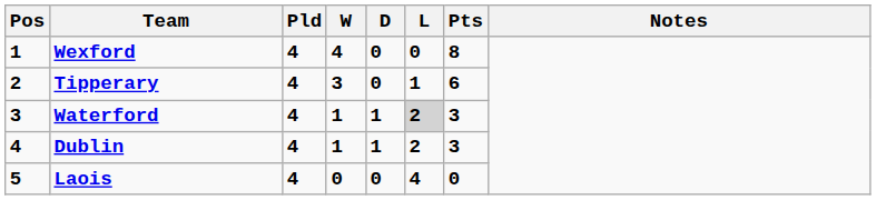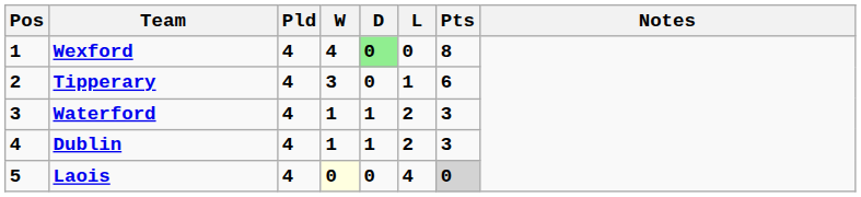 <table class="wikitable" style="text-align: centre;">
 <tr>
 <th width=20>Pos</th>
 <th width=150>Team</th>
 <th width=20>Pld</th>
 <th width=20>W</th>
 <th width=20>D</th>
 <th width=20>L</th>
 <th width=20>Pts</th>
 <th width=250>Notes</th>
 </tr>
 <tr style>
 <td><strong>1</strong></td>
 <td align=left><strong> <a href='#'>Wexford</a> </strong></td>
 <td><strong>4</strong></td>
 <td><strong>4</strong></td>
-<td><strong>0</strong></td>
+<td style="background: lightgreen;"><strong>0</strong></td>
 <td><strong>0</strong></td>
 <td><strong>8</strong></td>
 </tr>
 <tr style>
 <td><strong>2</strong></td>
 <td align=left><strong> <a href='#'>Tipperary</a> </strong></td>
 <td><strong>4</strong></td>
 <td><strong>3</strong></td>
 <td><strong>0</strong></td>
 <td><strong>1</strong></td>
 <td><strong>6</strong></td>
 </tr>
 <tr>
 <td><strong>3</strong></td>
 <td align=left><strong> <a href='#'>Waterford</a> </strong></td>
 <td><strong>4</strong></td>
 <td><strong>1</strong></td>
 <td><strong>1</strong></td>
-<td style="background: lightgrey;"><strong>2</strong></td>
+<td><strong>2</strong></td>
 <td><strong>3</strong></td>
 </tr>
 <tr>
 <td><strong>4</strong></td>
 <td align=left><strong> <a href='#'>Dublin</a> </strong></td>
 <td><strong>4</strong></td>
 <td><strong>1</strong></td>
 <td><strong>1</strong></td>
 <td><strong>2</strong></td>
 <td><strong>3</strong></td>
 </tr>
 <tr>
 <td><strong>5</strong></td>
 <td align=left><strong> <a href='#'>Laois</a> </strong></td>
 <td><strong>4</strong></td>
-<td><strong>0</strong></td>
+<td style="background: lightyellow;"><strong>0</strong></td>
 <td><strong>0</strong></td>
 <td><strong>4</strong></td>
-<td><strong>0</strong></td>
+<td style="background: lightgrey;"><strong>0</strong></td>
 </tr>
 </table>
